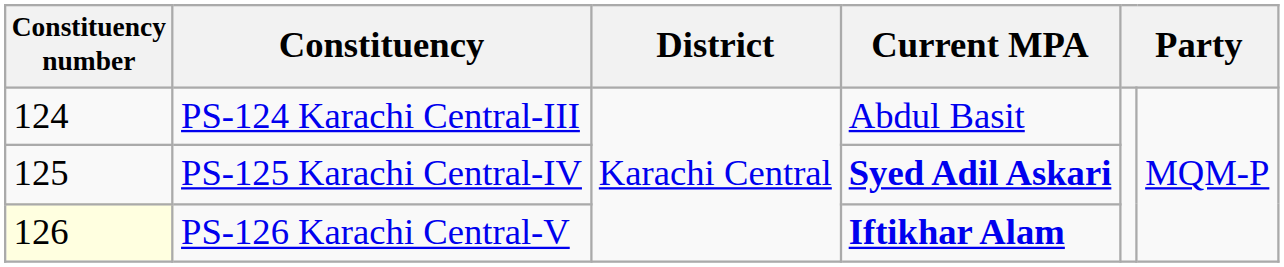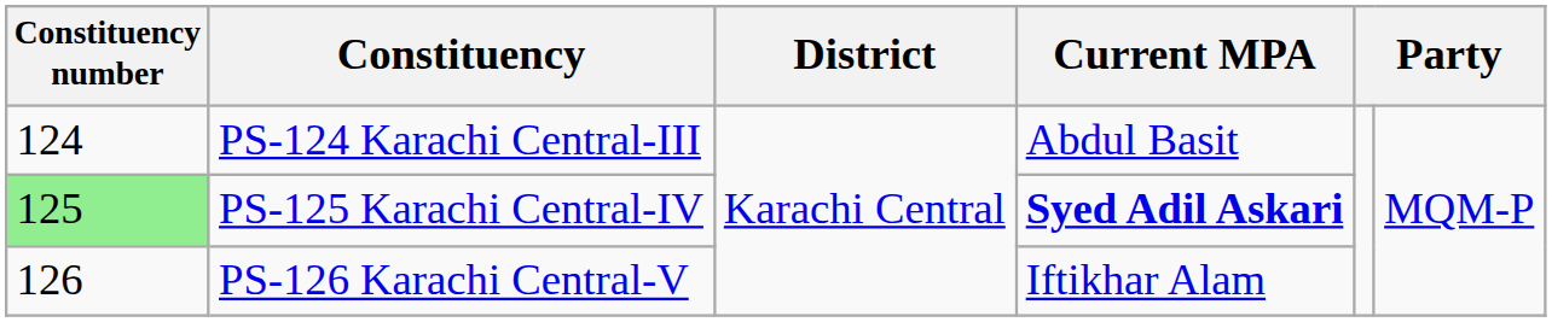 <table class="wikitable">
 <tr>
 <th width="50px" style="font-size:75%">Constituency number</th>
 <th>Constituency</th>
 <th>District</th>
 <th>Current MPA</th>
 <th colspan="2">Party</th>
 </tr>
 <tr>
 <td>124</td>
 <td><a href='#'>PS-124 Karachi Central-III</a></td>
 <td rowspan="3"><a href='#'>Karachi Central</a></td>
 <td><a href='#'>Abdul Basit</a></td>
 <td rowspan="3"></td>
 <td rowspan="3"><a href='#'>MQM-P</a></td>
 </tr>
 <tr>
-<td>125</td>
+<td style="background: lightgreen;">125</td>
 <td><a href='#'>PS-125 Karachi Central-IV</a></td>
 <td><strong><a href='#'>Syed Adil Askari</a></strong></td>
 </tr>
 <tr>
-<td style="background: lightyellow;">126</td>
+<td>126</td>
 <td><a href='#'>PS-126 Karachi Central-V</a></td>
-<td><strong><a href='#'>Iftikhar Alam</a></strong></td>
+<td><a href='#'>Iftikhar Alam</a></td>
 </tr>
 </table>
